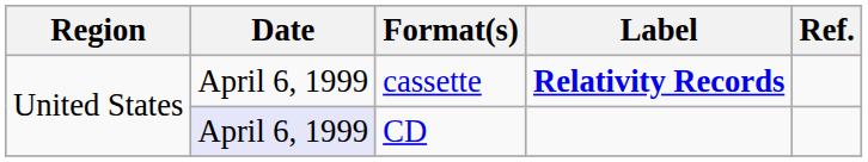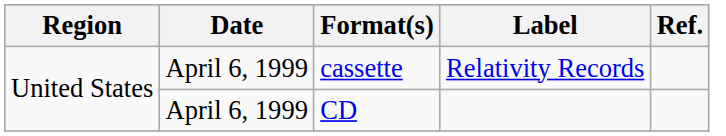 <table class="wikitable">
 <tr>
 <th>Region</th>
 <th>Date</th>
 <th>Format(s)</th>
 <th>Label</th>
 <th>Ref.</th>
 </tr>
 <tr>
 <td rowspan="2">United States</td>
 <td>April 6, 1999</td>
 <td><a href='#'>cassette</a></td>
-<td><strong><a href='#'>Relativity Records</a></strong></td>
+<td><a href='#'>Relativity Records</a></td>
 <td></td>
 </tr>
 <tr>
-<td style="background: lavender;">April 6, 1999</td>
+<td>April 6, 1999</td>
 <td><a href='#'>CD</a></td>
 <td></td>
 <td></td>
 </tr>
 </table>
